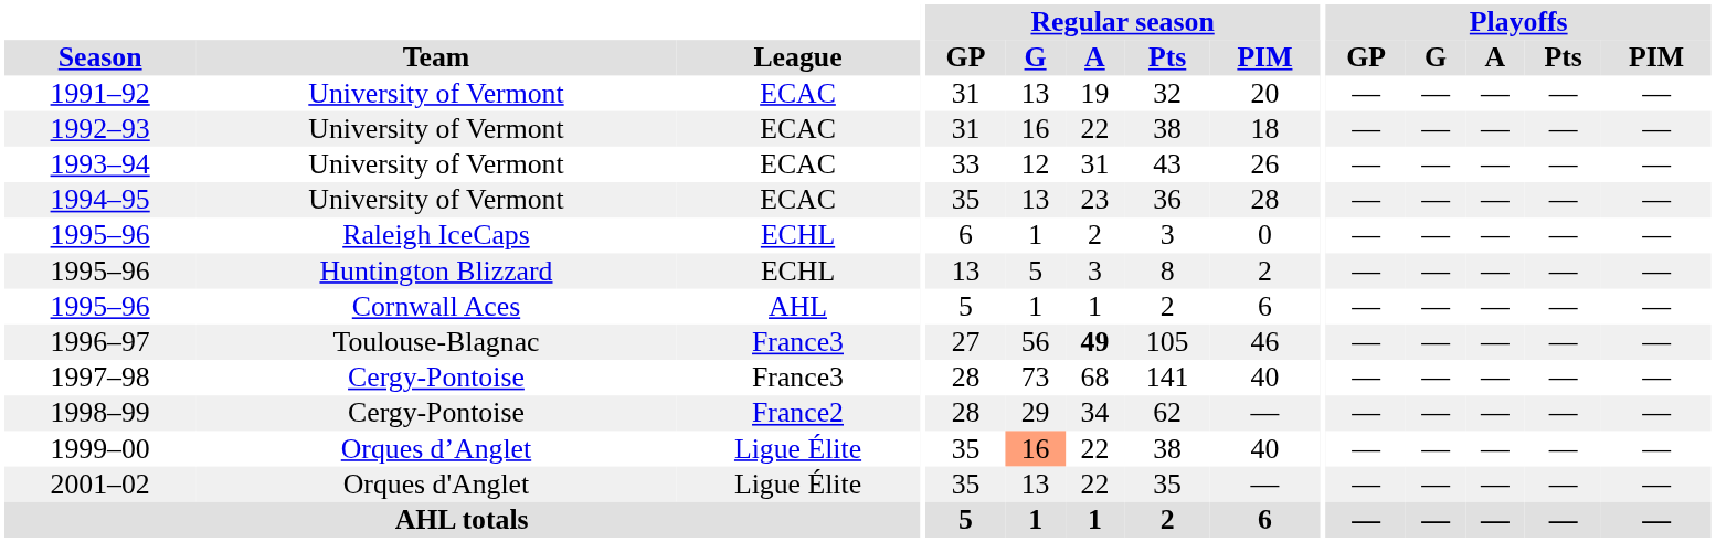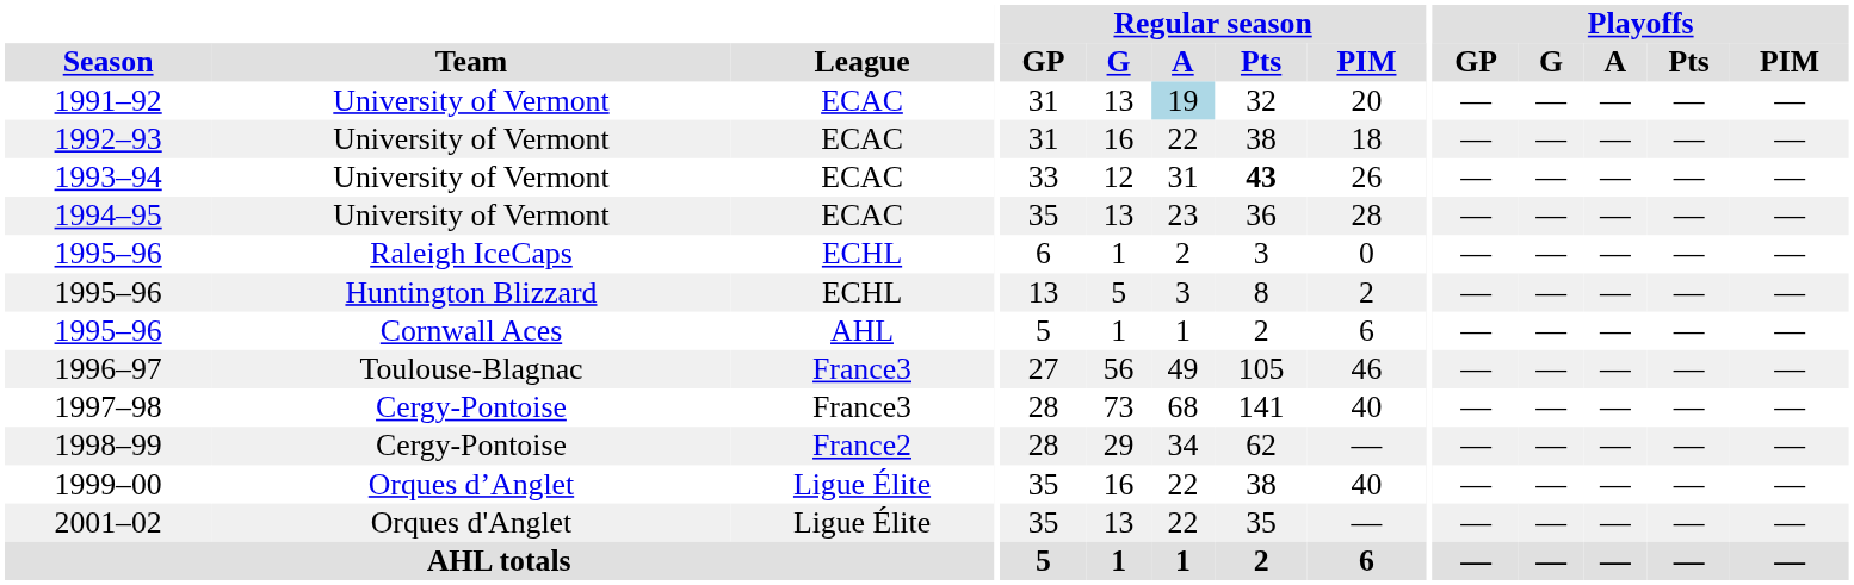 <table border="0" cellpadding="1" cellspacing="0" style="text-align:center; width:60em;">
 <tr bgcolor="#e0e0e0">
 <th colspan="3" bgcolor="#ffffff"></th>
 <th rowspan="99" bgcolor="#ffffff"></th>
 <th colspan="5"><a href='#'>Regular season</a></th>
 <th rowspan="99" bgcolor="#ffffff"></th>
 <th colspan="5"><a href='#'>Playoffs</a></th>
 </tr>
 <tr bgcolor="#e0e0e0">
 <th><a href='#'>Season</a></th>
 <th>Team</th>
 <th>League</th>
 <th>GP</th>
 <th><a href='#'>G</a></th>
 <th><a href='#'>A</a></th>
 <th><a href='#'>Pts</a></th>
 <th><a href='#'>PIM</a></th>
 <th>GP</th>
 <th>G</th>
 <th>A</th>
 <th>Pts</th>
 <th>PIM</th>
 </tr>
 <tr>
 <td><a href='#'>1991–92</a></td>
 <td><a href='#'>University of Vermont</a></td>
 <td><a href='#'>ECAC</a></td>
 <td>31</td>
 <td>13</td>
-<td>19</td>
+<td style="background: lightblue;">19</td>
 <td>32</td>
 <td>20</td>
 <td>—</td>
 <td>—</td>
 <td>—</td>
 <td>—</td>
 <td>—</td>
 </tr>
 <tr bgcolor="#f0f0f0">
 <td><a href='#'>1992–93</a></td>
 <td>University of Vermont</td>
 <td>ECAC</td>
 <td>31</td>
 <td>16</td>
 <td>22</td>
 <td>38</td>
 <td>18</td>
 <td>—</td>
 <td>—</td>
 <td>—</td>
 <td>—</td>
 <td>—</td>
 </tr>
 <tr>
 <td><a href='#'>1993–94</a></td>
 <td>University of Vermont</td>
 <td>ECAC</td>
 <td>33</td>
 <td>12</td>
 <td>31</td>
-<td>43</td>
+<td><strong>43</strong></td>
 <td>26</td>
 <td>—</td>
 <td>—</td>
 <td>—</td>
 <td>—</td>
 <td>—</td>
 </tr>
 <tr bgcolor="#f0f0f0">
 <td><a href='#'>1994–95</a></td>
 <td>University of Vermont</td>
 <td>ECAC</td>
 <td>35</td>
 <td>13</td>
 <td>23</td>
 <td>36</td>
 <td>28</td>
 <td>—</td>
 <td>—</td>
 <td>—</td>
 <td>—</td>
 <td>—</td>
 </tr>
 <tr>
 <td><a href='#'>1995–96</a></td>
 <td><a href='#'>Raleigh IceCaps</a></td>
 <td><a href='#'>ECHL</a></td>
 <td>6</td>
 <td>1</td>
 <td>2</td>
 <td>3</td>
 <td>0</td>
 <td>—</td>
 <td>—</td>
 <td>—</td>
 <td>—</td>
 <td>—</td>
 </tr>
 <tr bgcolor="#f0f0f0">
 <td>1995–96</td>
 <td><a href='#'>Huntington Blizzard</a></td>
 <td>ECHL</td>
 <td>13</td>
 <td>5</td>
 <td>3</td>
 <td>8</td>
 <td>2</td>
 <td>—</td>
 <td>—</td>
 <td>—</td>
 <td>—</td>
 <td>—</td>
 </tr>
 <tr>
 <td><a href='#'>1995–96</a></td>
 <td><a href='#'>Cornwall Aces</a></td>
 <td><a href='#'>AHL</a></td>
 <td>5</td>
 <td>1</td>
 <td>1</td>
 <td>2</td>
 <td>6</td>
 <td>—</td>
 <td>—</td>
 <td>—</td>
 <td>—</td>
 <td>—</td>
 </tr>
 <tr bgcolor="#f0f0f0">
 <td>1996–97</td>
 <td>Toulouse-Blagnac</td>
 <td><a href='#'>France3</a></td>
 <td>27</td>
 <td>56</td>
-<td><strong>49</strong></td>
+<td>49</td>
 <td>105</td>
 <td>46</td>
 <td>—</td>
 <td>—</td>
 <td>—</td>
 <td>—</td>
 <td>—</td>
 </tr>
 <tr>
 <td>1997–98</td>
 <td><a href='#'>Cergy-Pontoise</a></td>
 <td>France3</td>
 <td>28</td>
 <td>73</td>
 <td>68</td>
 <td>141</td>
 <td>40</td>
 <td>—</td>
 <td>—</td>
 <td>—</td>
 <td>—</td>
 <td>—</td>
 </tr>
 <tr bgcolor="#f0f0f0">
 <td>1998–99</td>
 <td>Cergy-Pontoise</td>
 <td><a href='#'>France2</a></td>
 <td>28</td>
 <td>29</td>
 <td>34</td>
 <td>62</td>
 <td>—</td>
 <td>—</td>
 <td>—</td>
 <td>—</td>
 <td>—</td>
 <td>—</td>
 </tr>
 <tr>
 <td>1999–00</td>
 <td><a href='#'>Orques d’Anglet</a></td>
 <td><a href='#'>Ligue Élite</a></td>
 <td>35</td>
-<td style="background: lightsalmon;">16</td>
+<td>16</td>
 <td>22</td>
 <td>38</td>
 <td>40</td>
 <td>—</td>
 <td>—</td>
 <td>—</td>
 <td>—</td>
 <td>—</td>
 </tr>
 <tr bgcolor="#f0f0f0">
 <td>2001–02</td>
 <td>Orques d'Anglet</td>
 <td>Ligue Élite</td>
 <td>35</td>
 <td>13</td>
 <td>22</td>
 <td>35</td>
 <td>—</td>
 <td>—</td>
 <td>—</td>
 <td>—</td>
 <td>—</td>
 <td>—</td>
 </tr>
 <tr bgcolor="#e0e0e0">
 <th colspan="3">AHL totals</th>
 <th>5</th>
 <th>1</th>
 <th>1</th>
 <th>2</th>
 <th>6</th>
 <th>—</th>
 <th>—</th>
 <th>—</th>
 <th>—</th>
 <th>—</th>
 </tr>
 </table>
